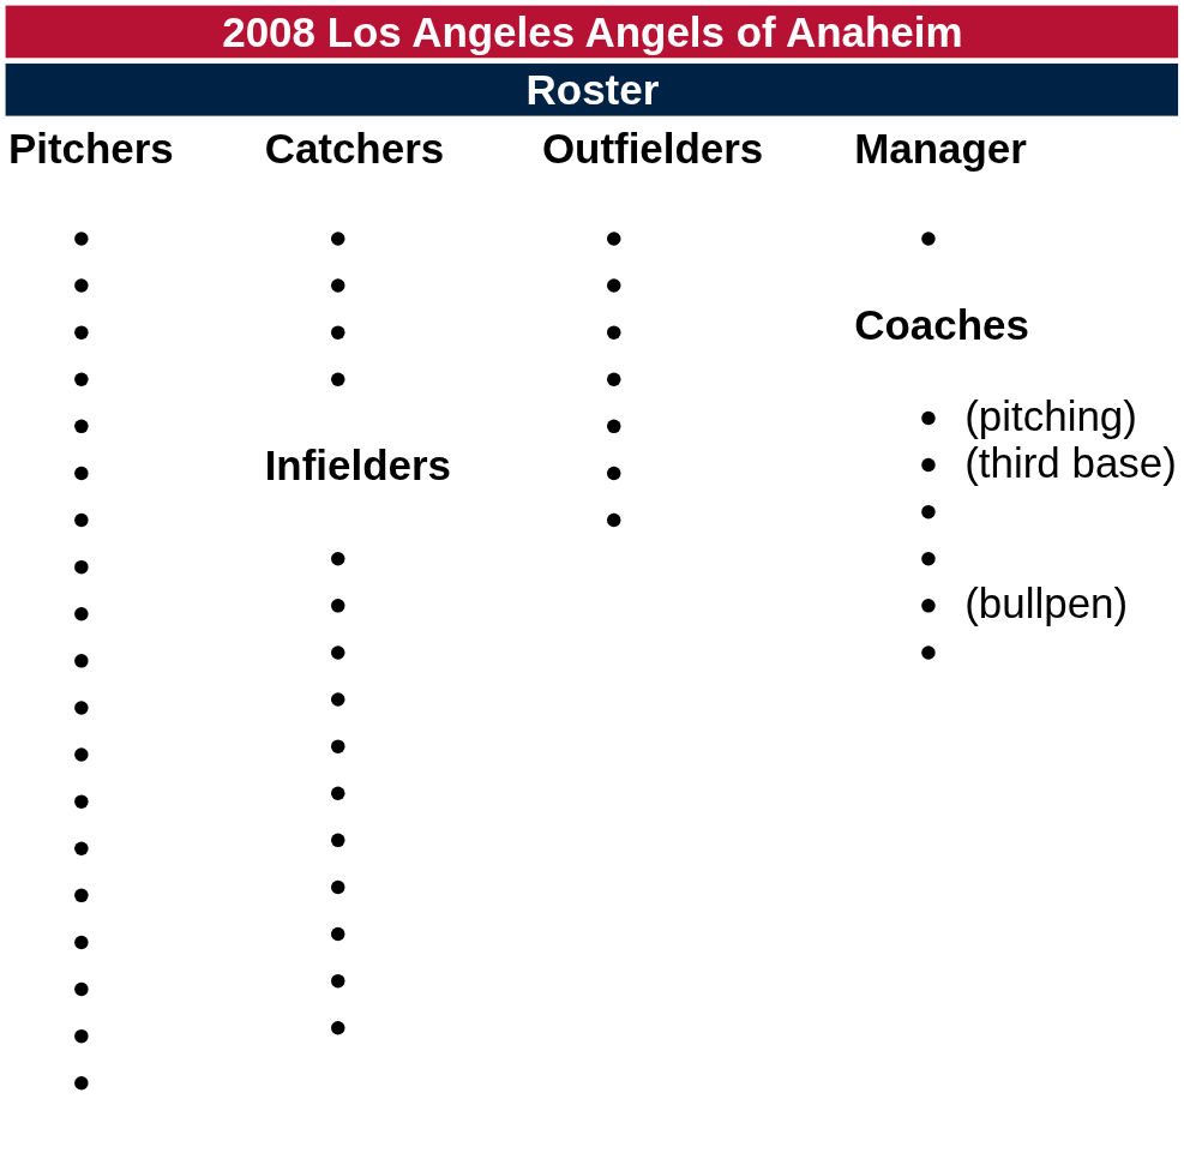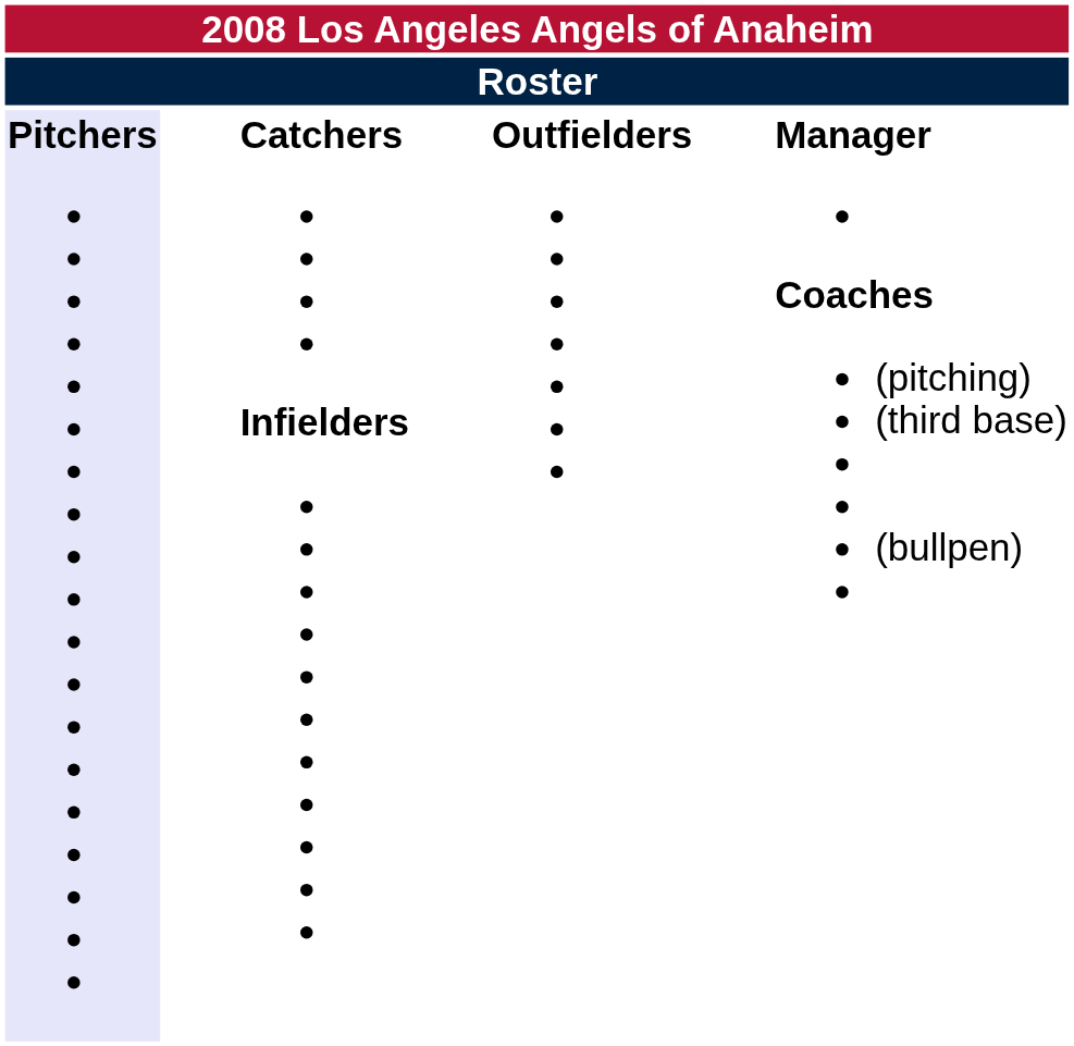 <table class="toccolours" style="font-size: 95%;">
 <tr>
 <th colspan="10" style="background-color: #B71234; color: white; text-align: center;">2008 Los Angeles Angels of Anaheim</th>
 </tr>
 <tr>
 <td colspan="10" style="background-color:#002244; color: white; text-align: center;"><strong>Roster</strong></td>
 </tr>
 <tr>
-<td valign="top"><strong>Pitchers</strong><br><ul><li></li><li></li><li></li><li></li><li></li><li></li><li></li><li></li><li></li><li></li><li></li><li></li><li></li><li></li><li></li><li></li><li></li><li></li><li></li></ul></td>
+<td valign="top" style="background: lavender;"><strong>Pitchers</strong><br><ul><li></li><li></li><li></li><li></li><li></li><li></li><li></li><li></li><li></li><li></li><li></li><li></li><li></li><li></li><li></li><li></li><li></li><li></li><li></li></ul></td>
 <td width="25px"></td>
 <td valign="top"><strong>Catchers</strong><br><ul><li></li><li></li><li></li><li></li></ul><strong>Infielders</strong><ul><li></li><li></li><li></li><li></li><li></li><li></li><li></li><li></li><li></li><li></li><li></li></ul></td>
 <td width="25px"></td>
 <td valign="top"><strong>Outfielders</strong><br><ul><li></li><li></li><li></li><li></li><li></li><li></li><li></li></ul></td>
 <td width="25px"></td>
 <td valign="top"><strong>Manager</strong><br><ul><li></li></ul><strong>Coaches</strong><ul><li> (pitching)</li><li> (third base)</li><li></li><li></li><li> (bullpen)</li><li></li></ul></td>
 </tr>
 </table>
